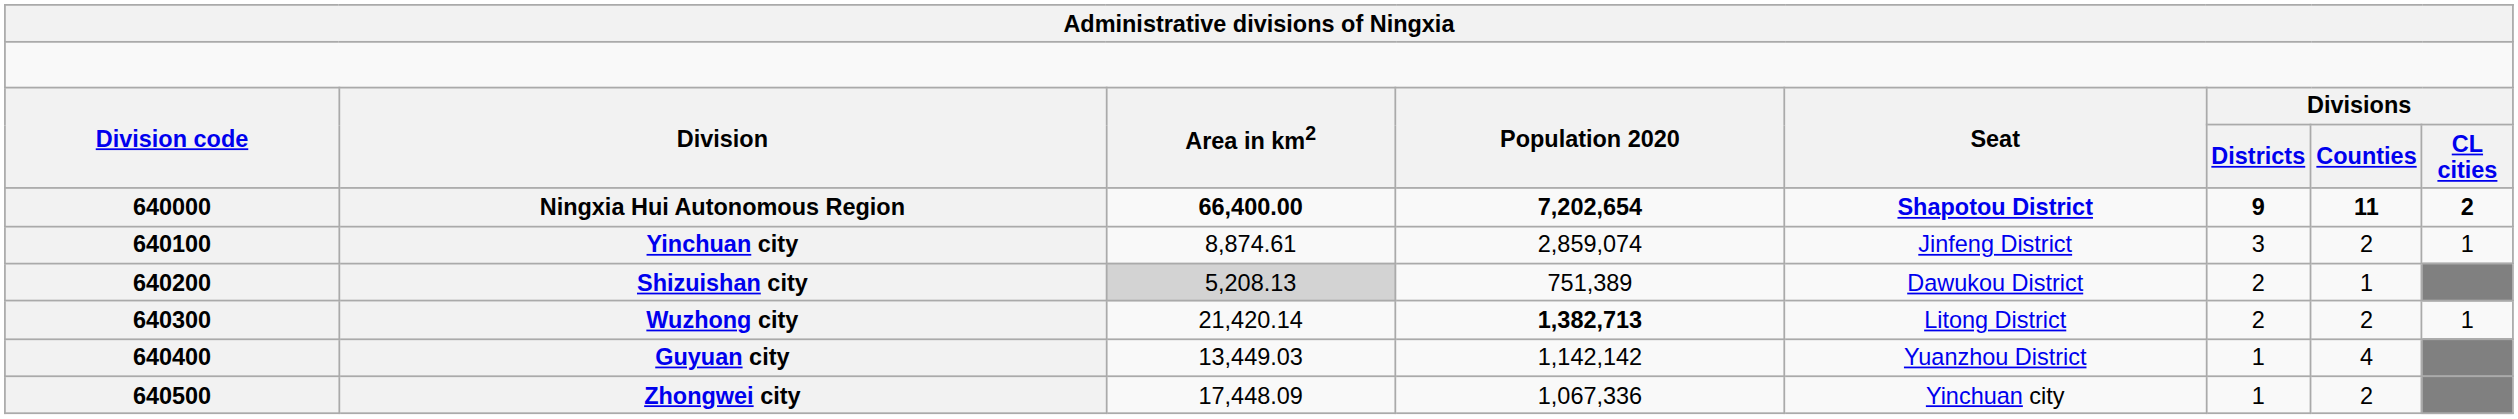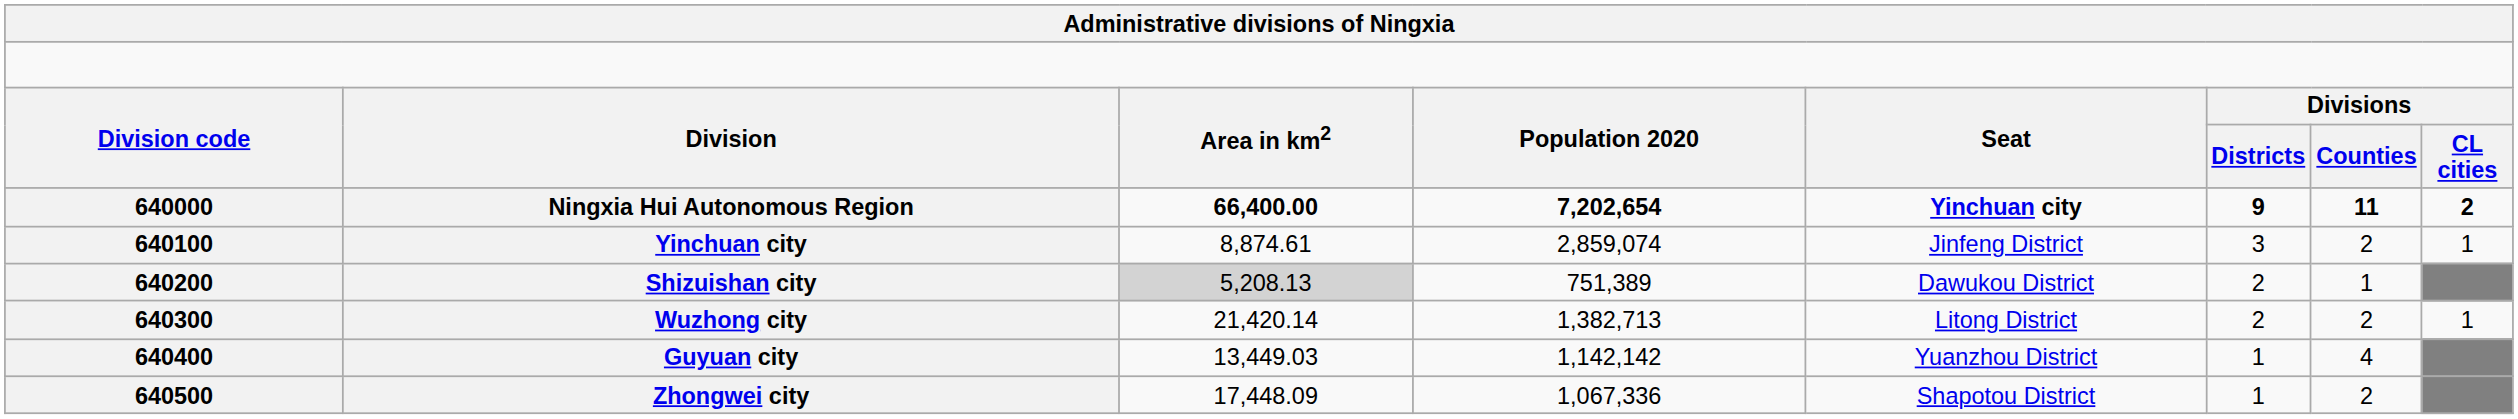 <table class="wikitable" style="margin:1em auto 1em auto; width:90%; font-size:smaller; text-align:center">
 <tr>
 <th colspan="9"><strong>Administrative divisions of Ningxia</strong></th>
 </tr>
 <tr>
 <td colspan="9" style="font-size:larger"><div><br>        </div></td>
 </tr>
 <tr>
 <th ! scope="col" rowspan="2"><a href='#'>Division code</a></th>
 <th ! scope="col" rowspan="2">Division</th>
 <th ! scope="col" rowspan="2">Area in km<sup>2</sup></th>
 <th ! scope="col" rowspan="2">Population 2020</th>
 <th ! scope="col" rowspan="2">Seat</th>
 <th ! scope="col" colspan="3">Divisions</th>
 </tr>
 <tr>
 <th ! scope="col" width="45"><a href='#'>Districts</a></th>
 <th ! scope="col" width="45"><a href='#'>Counties</a></th>
 <th ! scope="col" width="45"><a href='#'>CL cities</a></th>
 </tr>
 <tr style="font-weight: bold">
 <th>640000</th>
 <th>Ningxia Hui Autonomous Region</th>
 <td>66,400.00</td>
 <td>7,202,654</td>
-<td><a href='#'>Shapotou District</a></td>
+<td><a href='#'>Yinchuan</a> city</td>
 <td>9</td>
 <td>11</td>
 <td>2</td>
 </tr>
 <tr>
 <th>640100</th>
 <th><a href='#'>Yinchuan</a> city</th>
 <td>8,874.61</td>
 <td>2,859,074</td>
 <td><a href='#'>Jinfeng District</a></td>
 <td>3</td>
 <td>2</td>
 <td>1</td>
 </tr>
 <tr>
 <th>640200</th>
 <th><a href='#'>Shizuishan</a> city</th>
 <td style="background: lightgrey;">5,208.13</td>
 <td>751,389</td>
 <td><a href='#'>Dawukou District</a></td>
 <td>2</td>
 <td>1</td>
 <td bgcolor="grey"></td>
 </tr>
 <tr>
 <th>640300</th>
 <th><a href='#'>Wuzhong</a> city</th>
 <td>21,420.14</td>
-<td><strong>1,382,713</strong></td>
+<td>1,382,713</td>
 <td><a href='#'>Litong District</a></td>
 <td>2</td>
 <td>2</td>
 <td>1</td>
 </tr>
 <tr>
 <th>640400</th>
 <th><a href='#'>Guyuan</a> city</th>
 <td>13,449.03</td>
 <td>1,142,142</td>
 <td><a href='#'>Yuanzhou District</a></td>
 <td>1</td>
 <td>4</td>
 <td bgcolor="grey"></td>
 </tr>
 <tr>
 <th>640500</th>
 <th><a href='#'>Zhongwei</a> city</th>
 <td>17,448.09</td>
 <td>1,067,336</td>
-<td><a href='#'>Yinchuan</a> city</td>
+<td><a href='#'>Shapotou District</a></td>
 <td>1</td>
 <td>2</td>
 <td bgcolor="grey"></td>
 </tr>
 </table>
